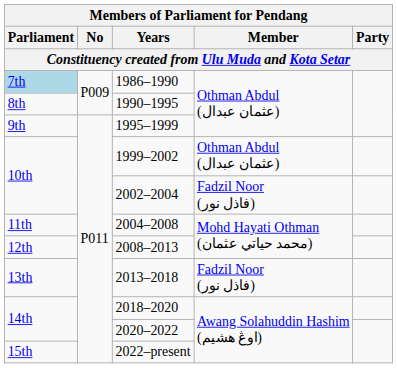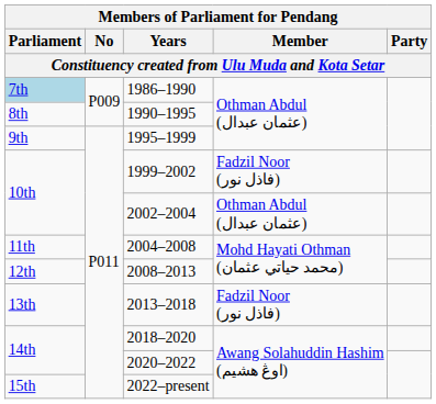 <table class=wikitable>
 <tr>
 <th colspan="5">Members of Parliament for Pendang</th>
 </tr>
 <tr>
 <th>Parliament</th>
 <th>No</th>
 <th>Years</th>
 <th>Member</th>
 <th>Party</th>
 </tr>
 <tr>
 <th colspan="5" align="center"><em>Constituency created from <a href='#'>Ulu Muda</a> and <a href='#'>Kota Setar</a></em></th>
 </tr>
 <tr>
 <td style="background: lightblue;"><a href='#'>7th</a></td>
 <td rowspan="2">P009</td>
 <td>1986–1990</td>
 <td rowspan=3><a href='#'>Othman Abdul</a> <br>  (عثمان عبدال)</td>
 <td rowspan="3"></td>
 </tr>
 <tr>
 <td><a href='#'>8th</a></td>
 <td>1990–1995</td>
 </tr>
 <tr>
 <td><a href='#'>9th</a></td>
 <td rowspan="9">P011</td>
 <td>1995–1999</td>
 </tr>
 <tr>
 <td rowspan=2><a href='#'>10th</a></td>
 <td>1999–2002</td>
-<td><a href='#'>Othman Abdul</a> <br>  (عثمان عبدال)</td>
+<td><a href='#'>Fadzil Noor</a> <br>  (فاذل نور)</td>
 <td></td>
 </tr>
 <tr>
 <td>2002–2004</td>
-<td><a href='#'>Fadzil Noor</a> <br>  (فاذل نور)</td>
+<td><a href='#'>Othman Abdul</a> <br>  (عثمان عبدال)</td>
 <td></td>
 </tr>
 <tr>
 <td><a href='#'>11th</a></td>
 <td>2004–2008</td>
 <td rowspan=2><a href='#'>Mohd Hayati Othman</a> <br>  (محمد حياتي عثمان)</td>
 <td></td>
 </tr>
 <tr>
 <td><a href='#'>12th</a></td>
 <td>2008–2013</td>
 <td></td>
 </tr>
 <tr>
 <td><a href='#'>13th</a></td>
 <td>2013–2018</td>
 <td><a href='#'>Fadzil Noor</a> <br>  (فاذل نور)</td>
 <td></td>
 </tr>
 <tr>
 <td rowspan=2><a href='#'>14th</a></td>
 <td>2018–2020</td>
 <td rowspan=3><a href='#'>Awang Solahuddin Hashim</a> <br>  (اوڠ هشيم)</td>
 <td></td>
 </tr>
 <tr>
 <td>2020–2022</td>
 <td rowspan=2></td>
 </tr>
 <tr>
 <td><a href='#'>15th</a></td>
 <td>2022–present</td>
 </tr>
 </table>
